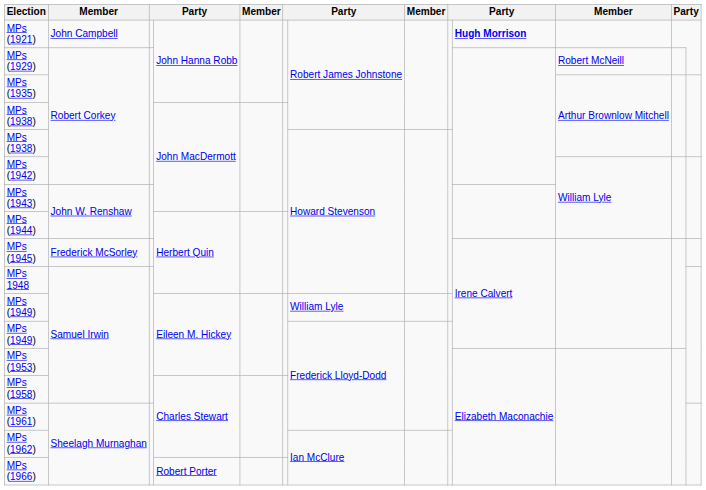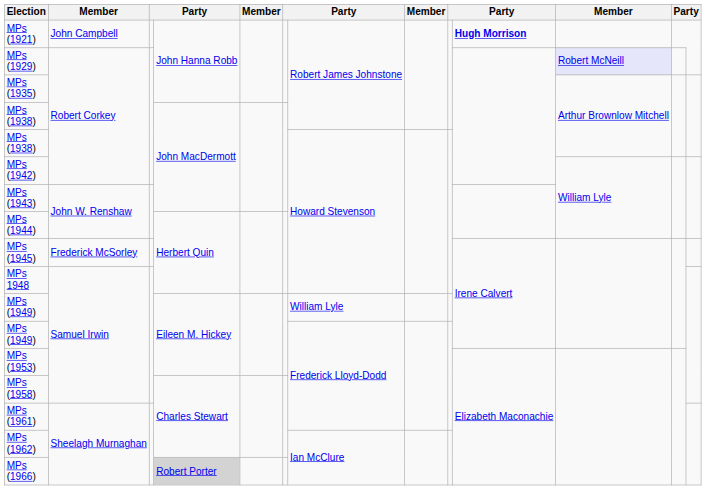 <table class="wikitable">
 <tr>
 <th>Election</th>
 <th>Member</th>
 <th colspan=2>Party</th>
 <th>Member</th>
 <th colspan=2>Party</th>
 <th>Member</th>
 <th colspan=2>Party</th>
 <th>Member</th>
 <th colspan=2>Party</th>
 </tr>
 <tr>
 <td><a href='#'>MPs</a> <br>(<a href='#'>1921</a>)</td>
 <td><a href='#'>John Campbell</a></td>
 <td></td>
 <td rowspan=3><a href='#'>John Hanna Robb</a></td>
 <td rowspan=3 bgcolor=></td>
 <td rowspan=3><a href='#'></a></td>
 <td rowspan=4><a href='#'>Robert James Johnstone</a></td>
 <td rowspan=4 bgcolor=></td>
 <td rowspan=4><a href='#'></a></td>
 <td><strong><a href='#'>Hugh Morrison</a></strong></td>
 <td></td>
 </tr>
 <tr>
 <td><a href='#'>MPs</a> <br>(<a href='#'>1929</a>)</td>
 <td rowspan=5><a href='#'>Robert Corkey</a></td>
 <td rowspan=5 bgcolor=></td>
 <td rowspan=5><a href='#'></a></td>
-<td><a href='#'>Robert McNeill</a></td>
+<td style="background: lavender;"><a href='#'>Robert McNeill</a></td>
 <td></td>
 </tr>
 <tr>
 <td><a href='#'>MPs</a> <br>(<a href='#'>1935</a>)</td>
 <td rowspan=3><a href='#'>Arthur Brownlow Mitchell</a></td>
 <td rowspan=3 bgcolor=></td>
 <td rowspan=3><a href='#'></a></td>
 </tr>
 <tr>
 <td><a href='#'>MPs</a> <br>(<a href='#'>1938</a>)</td>
 <td rowspan=4><a href='#'>John MacDermott</a></td>
 <td rowspan=4 bgcolor=></td>
 <td rowspan=4><a href='#'></a></td>
 </tr>
 <tr>
 <td><a href='#'>MPs</a><br>(<a href='#'>1938</a>)</td>
 <td rowspan=6><a href='#'>Howard Stevenson</a></td>
 <td rowspan=6 bgcolor=></td>
 <td rowspan=6><a href='#'></a></td>
 </tr>
 <tr>
 <td><a href='#'>MPs</a><br>(<a href='#'>1942</a>)</td>
 <td rowspan=3><a href='#'>William Lyle</a></td>
 <td rowspan=3 bgcolor=></td>
 <td rowspan=3><a href='#'></a></td>
 </tr>
 <tr>
 <td><a href='#'>MPs</a><br>(<a href='#'>1943</a>)</td>
 <td rowspan=2><a href='#'>John W. Renshaw</a></td>
 <td rowspan=2 bgcolor=></td>
 <td rowspan=2><a href='#'></a></td>
 </tr>
 <tr>
 <td><a href='#'>MPs</a><br>(<a href='#'>1944</a>)</td>
 <td rowspan=3><a href='#'>Herbert Quin</a></td>
 <td rowspan=3 bgcolor=></td>
 <td rowspan=3><a href='#'></a></td>
 </tr>
 <tr>
 <td><a href='#'>MPs</a> <br>(<a href='#'>1945</a>)</td>
 <td><a href='#'>Frederick McSorley</a></td>
 <td></td>
 <td rowspan=4><a href='#'>Irene Calvert</a></td>
 <td rowspan=4 bgcolor=></td>
 <td rowspan=4><a href='#'></a></td>
 </tr>
 <tr>
 <td><a href='#'>MPs</a><br><a href='#'>1948</a></td>
 <td rowspan=5><a href='#'>Samuel Irwin</a></td>
 <td rowspan=5 bgcolor=></td>
 <td rowspan=5><a href='#'></a></td>
 </tr>
 <tr>
 <td><a href='#'>MPs</a> <br>(<a href='#'>1949</a>)</td>
 <td rowspan=3><a href='#'>Eileen M. Hickey</a></td>
 <td rowspan=3 bgcolor=></td>
 <td rowspan=3><a href='#'></a></td>
 <td><a href='#'>William Lyle</a></td>
 <td></td>
 </tr>
 <tr>
 <td><a href='#'>MPs</a><br>(<a href='#'>1949</a>)</td>
 <td rowspan=4><a href='#'>Frederick Lloyd-Dodd</a></td>
 <td rowspan=4 bgcolor=></td>
 <td rowspan=4><a href='#'></a></td>
 </tr>
 <tr>
 <td><a href='#'>MPs</a> <br>(<a href='#'>1953</a>)</td>
 <td rowspan=5><a href='#'>Elizabeth Maconachie</a></td>
 <td rowspan=5 bgcolor=></td>
 <td rowspan=5><a href='#'></a></td>
 </tr>
 <tr>
 <td><a href='#'>MPs</a> <br>(<a href='#'>1958</a>)</td>
 <td rowspan=3><a href='#'>Charles Stewart</a></td>
 <td rowspan=3 bgcolor=></td>
 <td rowspan=3><a href='#'></a></td>
 </tr>
 <tr>
 <td><a href='#'>MPs</a><br>(<a href='#'>1961</a>)</td>
 <td rowspan=3><a href='#'>Sheelagh Murnaghan</a></td>
 <td rowspan=3 bgcolor=></td>
 <td rowspan=3><a href='#'></a></td>
 </tr>
 <tr>
 <td><a href='#'>MPs</a> <br>(<a href='#'>1962</a>)</td>
 <td rowspan=2><a href='#'>Ian McClure</a></td>
 <td rowspan=2 bgcolor=></td>
 <td rowspan=2><a href='#'></a></td>
 </tr>
 <tr>
 <td><a href='#'>MPs</a> <br>(<a href='#'>1966</a>)</td>
-<td><a href='#'>Robert Porter</a></td>
+<td style="background: lightgrey;"><a href='#'>Robert Porter</a></td>
 <td></td>
 </tr>
 </table>
